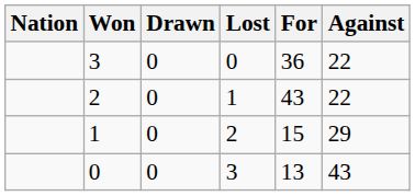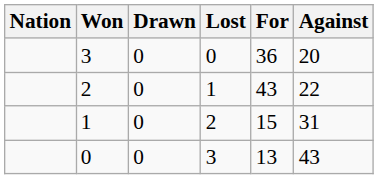 <table class="wikitable">
 <tr>
 <th>Nation</th>
 <th>Won</th>
 <th>Drawn</th>
 <th>Lost</th>
 <th>For</th>
 <th>Against</th>
 </tr>
 <tr>
 <td></td>
 <td>3</td>
 <td>0</td>
 <td>0</td>
 <td>36</td>
-<td>22</td>
+<td>20</td>
 </tr>
 <tr>
 <td></td>
 <td>2</td>
 <td>0</td>
 <td>1</td>
 <td>43</td>
 <td>22</td>
 </tr>
 <tr>
 <td></td>
 <td>1</td>
 <td>0</td>
 <td>2</td>
 <td>15</td>
-<td>29</td>
+<td>31</td>
 </tr>
 <tr>
 <td></td>
 <td>0</td>
 <td>0</td>
 <td>3</td>
 <td>13</td>
 <td>43</td>
 </tr>
 </table>
